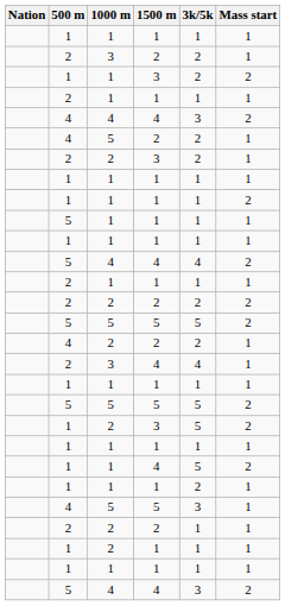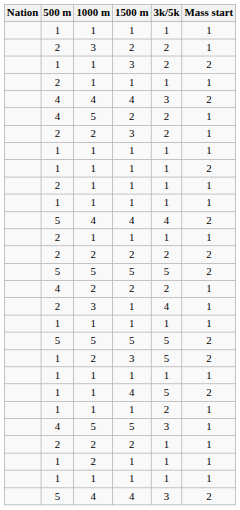 <table class="wikitable" border="1" style="text-align:center">
 <tr>
 <th>Nation</th>
 <th>500 m</th>
 <th>1000 m</th>
 <th>1500 m</th>
 <th>3k/5k</th>
 <th>Mass start</th>
 </tr>
 <tr>
 <td align=left></td>
 <td>1</td>
 <td>1</td>
 <td>1</td>
 <td>1</td>
 <td>1</td>
 </tr>
 <tr>
 <td align=left></td>
 <td>2</td>
 <td>3</td>
 <td>2</td>
 <td>2</td>
 <td>1</td>
 </tr>
 <tr>
 <td align=left></td>
 <td>1</td>
 <td>1</td>
 <td>3</td>
 <td>2</td>
 <td>2</td>
 </tr>
 <tr>
 <td align=left></td>
 <td>2</td>
 <td>1</td>
 <td>1</td>
 <td>1</td>
 <td>1</td>
 </tr>
 <tr>
 <td align=left></td>
 <td>4</td>
 <td>4</td>
 <td>4</td>
 <td>3</td>
 <td>2</td>
 </tr>
 <tr>
 <td align=left></td>
 <td>4</td>
 <td>5</td>
 <td>2</td>
 <td>2</td>
 <td>1</td>
 </tr>
 <tr>
 <td align=left></td>
 <td>2</td>
 <td>2</td>
 <td>3</td>
 <td>2</td>
 <td>1</td>
 </tr>
 <tr>
 <td align=left></td>
 <td>1</td>
 <td>1</td>
 <td>1</td>
 <td>1</td>
 <td>1</td>
 </tr>
 <tr>
 <td align=left></td>
 <td>1</td>
 <td>1</td>
 <td>1</td>
 <td>1</td>
 <td>2</td>
 </tr>
 <tr>
 <td align=left></td>
-<td>5</td>
+<td>2</td>
 <td>1</td>
 <td>1</td>
 <td>1</td>
 <td>1</td>
 </tr>
 <tr>
 <td align=left></td>
 <td>1</td>
 <td>1</td>
 <td>1</td>
 <td>1</td>
 <td>1</td>
 </tr>
 <tr>
 <td align=left></td>
 <td>5</td>
 <td>4</td>
 <td>4</td>
 <td>4</td>
 <td>2</td>
 </tr>
 <tr>
 <td align=left></td>
 <td>2</td>
 <td>1</td>
 <td>1</td>
 <td>1</td>
 <td>1</td>
 </tr>
 <tr>
 <td align=left></td>
 <td>2</td>
 <td>2</td>
 <td>2</td>
 <td>2</td>
 <td>2</td>
 </tr>
 <tr>
 <td align=left></td>
 <td>5</td>
 <td>5</td>
 <td>5</td>
 <td>5</td>
 <td>2</td>
 </tr>
 <tr>
 <td align=left></td>
 <td>4</td>
 <td>2</td>
 <td>2</td>
 <td>2</td>
 <td>1</td>
 </tr>
 <tr>
 <td align=left></td>
 <td>2</td>
 <td>3</td>
-<td>4</td>
+<td>1</td>
 <td>4</td>
 <td>1</td>
 </tr>
 <tr>
 <td align=left></td>
 <td>1</td>
 <td>1</td>
 <td>1</td>
 <td>1</td>
 <td>1</td>
 </tr>
 <tr>
 <td align=left></td>
 <td>5</td>
 <td>5</td>
 <td>5</td>
 <td>5</td>
 <td>2</td>
 </tr>
 <tr>
 <td align=left></td>
 <td>1</td>
 <td>2</td>
 <td>3</td>
 <td>5</td>
 <td>2</td>
 </tr>
 <tr>
 <td align=left></td>
 <td>1</td>
 <td>1</td>
 <td>1</td>
 <td>1</td>
 <td>1</td>
 </tr>
 <tr>
 <td align=left></td>
 <td>1</td>
 <td>1</td>
 <td>4</td>
 <td>5</td>
 <td>2</td>
 </tr>
 <tr>
 <td align=left></td>
 <td>1</td>
 <td>1</td>
 <td>1</td>
 <td>2</td>
 <td>1</td>
 </tr>
 <tr>
 <td align=left></td>
 <td>4</td>
 <td>5</td>
 <td>5</td>
 <td>3</td>
 <td>1</td>
 </tr>
 <tr>
 <td align=left></td>
 <td>2</td>
 <td>2</td>
 <td>2</td>
 <td>1</td>
 <td>1</td>
 </tr>
 <tr>
 <td align=left></td>
 <td>1</td>
 <td>2</td>
 <td>1</td>
 <td>1</td>
 <td>1</td>
 </tr>
 <tr>
 <td align=left></td>
 <td>1</td>
 <td>1</td>
 <td>1</td>
 <td>1</td>
 <td>1</td>
 </tr>
 <tr>
 <td align=left></td>
 <td>5</td>
 <td>4</td>
 <td>4</td>
 <td>3</td>
 <td>2</td>
 </tr>
 </table>
